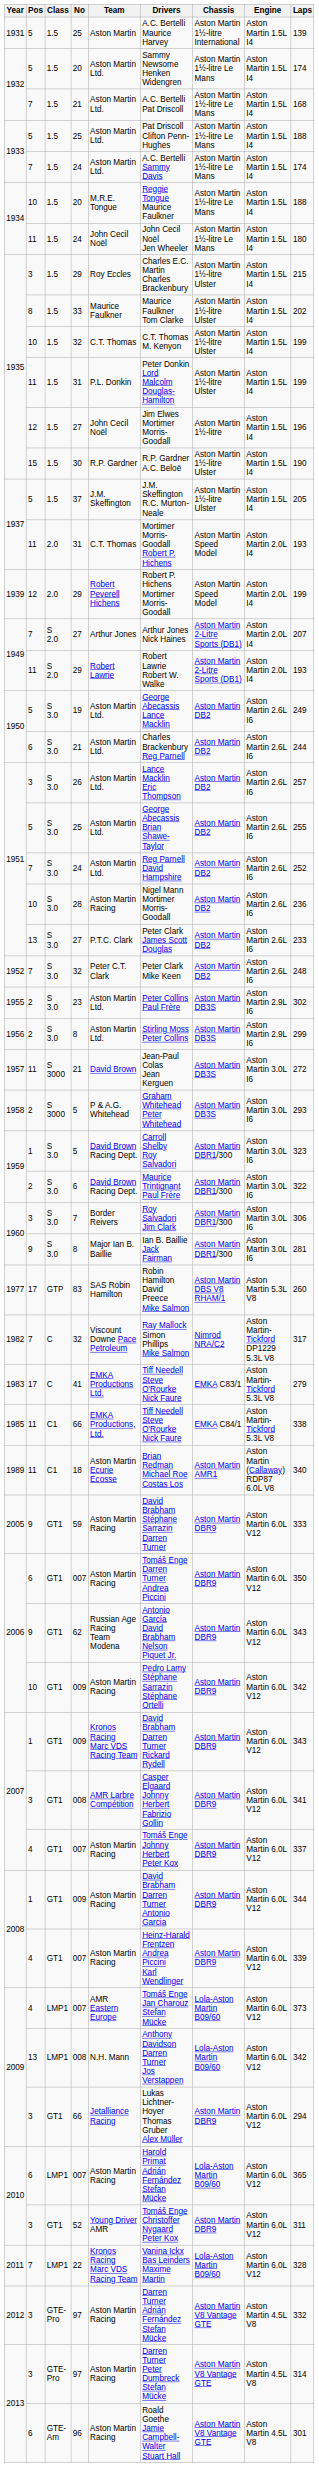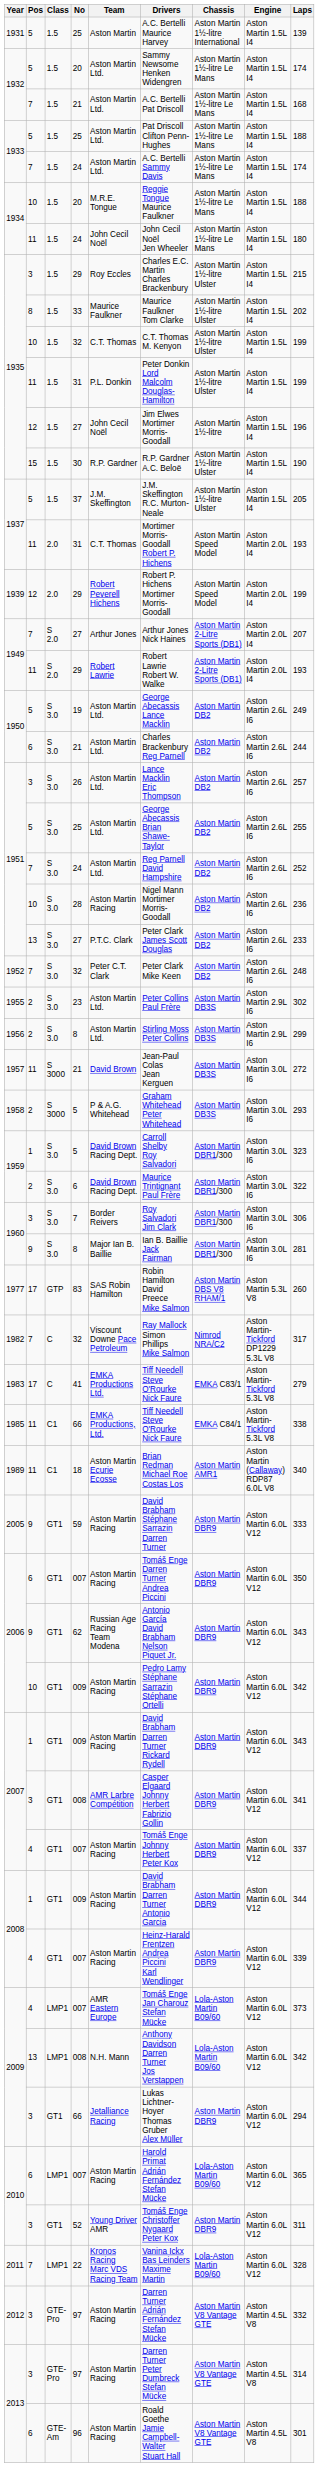 <table class="wikitable">
 <tr>
 <th>Year</th>
 <th>Pos</th>
 <th>Class</th>
 <th>No</th>
 <th>Team</th>
 <th>Drivers</th>
 <th>Chassis</th>
 <th>Engine</th>
 <th>Laps</th>
 </tr>
 <tr>
 <td>1931</td>
 <td>5</td>
 <td>1.5</td>
 <td>25</td>
 <td> Aston Martin</td>
 <td> A.C. Bertelli<br> Maurice Harvey</td>
 <td>Aston Martin 1½-litre International</td>
 <td>Aston Martin 1.5L I4</td>
 <td>139</td>
 </tr>
 <tr>
 <td rowspan="2">1932</td>
 <td>5</td>
 <td>1.5</td>
 <td>20</td>
 <td> Aston Martin Ltd.</td>
 <td> Sammy Newsome<br> Henken Widengren</td>
 <td>Aston Martin 1½-litre Le Mans</td>
 <td>Aston Martin 1.5L I4</td>
 <td>174</td>
 </tr>
 <tr>
 <td>7</td>
 <td>1.5</td>
 <td>21</td>
 <td> Aston Martin Ltd.</td>
 <td> A.C. Bertelli<br> Pat Driscoll</td>
 <td>Aston Martin 1½-litre Le Mans</td>
 <td>Aston Martin 1.5L I4</td>
 <td>168</td>
 </tr>
 <tr>
 <td rowspan="2">1933</td>
 <td>5</td>
 <td>1.5</td>
 <td>25</td>
 <td> Aston Martin Ltd.</td>
 <td> Pat Driscoll<br> Clifton Penn-Hughes</td>
 <td>Aston Martin 1½-litre Le Mans</td>
 <td>Aston Martin 1.5L I4</td>
 <td>188</td>
 </tr>
 <tr>
 <td>7</td>
 <td>1.5</td>
 <td>24</td>
 <td> Aston Martin Ltd.</td>
 <td> A.C. Bertelli<br> <a href='#'>Sammy Davis</a></td>
 <td>Aston Martin 1½-litre Le Mans</td>
 <td>Aston Martin 1.5L I4</td>
 <td>174</td>
 </tr>
 <tr>
 <td rowspan="2">1934</td>
 <td>10</td>
 <td>1.5</td>
 <td>20</td>
 <td> M.R.E. Tongue</td>
 <td> <a href='#'>Reggie Tongue</a><br> Maurice Faulkner</td>
 <td>Aston Martin 1½-litre Le Mans</td>
 <td>Aston Martin 1.5L I4</td>
 <td>188</td>
 </tr>
 <tr>
 <td>11</td>
 <td>1.5</td>
 <td>24</td>
 <td> John Cecil Noël</td>
 <td> John Cecil Noël<br> Jen Wheeler</td>
 <td>Aston Martin 1½-litre Le Mans</td>
 <td>Aston Martin 1.5L I4</td>
 <td>180</td>
 </tr>
 <tr>
 <td rowspan="6">1935</td>
 <td>3</td>
 <td>1.5</td>
 <td>29</td>
 <td> Roy Eccles</td>
 <td> Charles E.C. Martin<br> Charles Brackenbury</td>
 <td>Aston Martin 1½-litre Ulster</td>
 <td>Aston Martin 1.5L I4</td>
 <td>215</td>
 </tr>
 <tr>
 <td>8</td>
 <td>1.5</td>
 <td>33</td>
 <td> Maurice Faulkner</td>
 <td> Maurice Faulkner<br> Tom Clarke</td>
 <td>Aston Martin 1½-litre Ulster</td>
 <td>Aston Martin 1.5L I4</td>
 <td>202</td>
 </tr>
 <tr>
 <td>10</td>
 <td>1.5</td>
 <td>32</td>
 <td> C.T. Thomas</td>
 <td> C.T. Thomas<br> M. Kenyon</td>
 <td>Aston Martin 1½-litre Ulster</td>
 <td>Aston Martin 1.5L I4</td>
 <td>199</td>
 </tr>
 <tr>
 <td>11</td>
 <td>1.5</td>
 <td>31</td>
 <td> P.L. Donkin</td>
 <td> Peter Donkin<br> <a href='#'>Lord Malcolm Douglas-Hamilton</a></td>
 <td>Aston Martin 1½-litre Ulster</td>
 <td>Aston Martin 1.5L I4</td>
 <td>199</td>
 </tr>
 <tr>
 <td>12</td>
 <td>1.5</td>
 <td>27</td>
 <td> John Cecil Noël</td>
 <td> Jim Elwes<br> Mortimer Morris-Goodall</td>
 <td>Aston Martin 1½-litre</td>
 <td>Aston Martin 1.5L I4</td>
 <td>196</td>
 </tr>
 <tr>
 <td>15</td>
 <td>1.5</td>
 <td>30</td>
 <td> R.P. Gardner</td>
 <td> R.P. Gardner<br> A.C. Beloë</td>
 <td>Aston Martin 1½-litre Ulster</td>
 <td>Aston Martin 1.5L I4</td>
 <td>190</td>
 </tr>
 <tr>
 <td rowspan="2">1937</td>
 <td>5</td>
 <td>1.5</td>
 <td>37</td>
 <td> J.M. Skeffington</td>
 <td> J.M. Skeffington<br> R.C. Murton-Neale</td>
 <td>Aston Martin 1½-litre Ulster</td>
 <td>Aston Martin 1.5L I4</td>
 <td>205</td>
 </tr>
 <tr>
 <td>11</td>
 <td>2.0</td>
 <td>31</td>
 <td> C.T. Thomas</td>
 <td> Mortimer Morris-Goodall<br> <a href='#'>Robert P. Hichens</a></td>
 <td>Aston Martin Speed Model</td>
 <td>Aston Martin 2.0L I4</td>
 <td>193</td>
 </tr>
 <tr>
 <td>1939</td>
 <td>12</td>
 <td>2.0</td>
 <td>29</td>
 <td> <a href='#'>Robert Peverell Hichens</a></td>
 <td> Robert P. Hichens<br> Mortimer Morris-Goodall</td>
 <td>Aston Martin Speed Model</td>
 <td>Aston Martin 2.0L I4</td>
 <td>199</td>
 </tr>
 <tr>
 <td rowspan="2">1949</td>
 <td>7</td>
 <td>S<br>2.0</td>
 <td>27</td>
 <td> Arthur Jones</td>
 <td> Arthur Jones<br> Nick Haines</td>
 <td><a href='#'>Aston Martin 2-Litre Sports (DB1)</a></td>
 <td>Aston Martin 2.0L I4</td>
 <td>207</td>
 </tr>
 <tr>
 <td>11</td>
 <td>S<br>2.0</td>
 <td>29</td>
 <td> <a href='#'>Robert Lawrie</a></td>
 <td> Robert Lawrie<br> Robert W. Walke</td>
 <td><a href='#'>Aston Martin 2-Litre Sports (DB1)</a></td>
 <td>Aston Martin 2.0L I4</td>
 <td>193</td>
 </tr>
 <tr>
 <td rowspan="2">1950</td>
 <td>5</td>
 <td>S<br>3.0</td>
 <td>19</td>
 <td> Aston Martin Ltd.</td>
 <td> <a href='#'>George Abecassis</a><br> <a href='#'>Lance Macklin</a></td>
 <td><a href='#'>Aston Martin DB2</a></td>
 <td>Aston Martin 2.6L I6</td>
 <td>249</td>
 </tr>
 <tr>
 <td>6</td>
 <td>S<br>3.0</td>
 <td>21</td>
 <td> Aston Martin Ltd.</td>
 <td> Charles Brackenbury<br> <a href='#'>Reg Parnell</a></td>
 <td><a href='#'>Aston Martin DB2</a></td>
 <td>Aston Martin 2.6L I6</td>
 <td>244</td>
 </tr>
 <tr>
 <td rowspan="5">1951</td>
 <td>3</td>
 <td>S<br>3.0</td>
 <td>26</td>
 <td> Aston Martin Ltd.</td>
 <td> <a href='#'>Lance Macklin</a><br> <a href='#'>Eric Thompson</a></td>
 <td><a href='#'>Aston Martin DB2</a></td>
 <td>Aston Martin 2.6L I6</td>
 <td>257</td>
 </tr>
 <tr>
 <td>5</td>
 <td>S<br>3.0</td>
 <td>25</td>
 <td> Aston Martin Ltd.</td>
 <td> <a href='#'>George Abecassis</a><br> <a href='#'>Brian Shawe-Taylor</a></td>
 <td><a href='#'>Aston Martin DB2</a></td>
 <td>Aston Martin 2.6L I6</td>
 <td>255</td>
 </tr>
 <tr>
 <td>7</td>
 <td>S<br>3.0</td>
 <td>24</td>
 <td> Aston Martin Ltd.</td>
 <td> <a href='#'>Reg Parnell</a><br> <a href='#'>David Hampshire</a></td>
 <td><a href='#'>Aston Martin DB2</a></td>
 <td>Aston Martin 2.6L I6</td>
 <td>252</td>
 </tr>
 <tr>
 <td>10</td>
 <td>S<br>3.0</td>
 <td>28</td>
 <td> Aston Martin Racing</td>
 <td> Nigel Mann<br> Mortimer Morris-Goodall</td>
 <td><a href='#'>Aston Martin DB2</a></td>
 <td>Aston Martin 2.6L I6</td>
 <td>236</td>
 </tr>
 <tr>
 <td>13</td>
 <td>S<br>3.0</td>
 <td>27</td>
 <td> P.T.C. Clark</td>
 <td> Peter Clark<br> <a href='#'>James Scott Douglas</a></td>
 <td><a href='#'>Aston Martin DB2</a></td>
 <td>Aston Martin 2.6L I6</td>
 <td>233</td>
 </tr>
 <tr>
 <td>1952</td>
 <td>7</td>
 <td>S<br>3.0</td>
 <td>32</td>
 <td> Peter C.T. Clark</td>
 <td> Peter Clark<br> Mike Keen</td>
 <td><a href='#'>Aston Martin DB2</a></td>
 <td>Aston Martin 2.6L I6</td>
 <td>248</td>
 </tr>
 <tr>
 <td>1955</td>
 <td>2</td>
 <td>S<br>3.0</td>
 <td>23</td>
 <td> Aston Martin Ltd.</td>
 <td> <a href='#'>Peter Collins</a><br> <a href='#'>Paul Frère</a></td>
 <td><a href='#'>Aston Martin DB3S</a></td>
 <td>Aston Martin 2.9L I6</td>
 <td>302</td>
 </tr>
 <tr>
 <td>1956</td>
 <td>2</td>
 <td>S<br>3.0</td>
 <td>8</td>
 <td> Aston Martin Ltd.</td>
 <td> <a href='#'>Stirling Moss</a><br> <a href='#'>Peter Collins</a></td>
 <td><a href='#'>Aston Martin DB3S</a></td>
 <td>Aston Martin 2.9L I6</td>
 <td>299</td>
 </tr>
 <tr>
 <td>1957</td>
 <td>11</td>
 <td>S<br>3000</td>
 <td>21</td>
 <td> <a href='#'>David Brown</a></td>
 <td> Jean-Paul Colas<br> Jean Kerguen</td>
 <td><a href='#'>Aston Martin DB3S</a></td>
 <td>Aston Martin 3.0L I6</td>
 <td>272</td>
 </tr>
 <tr>
 <td>1958</td>
 <td>2</td>
 <td>S<br>3000</td>
 <td>5</td>
 <td> P & A.G. Whitehead</td>
 <td> <a href='#'>Graham Whitehead</a><br> <a href='#'>Peter Whitehead</a></td>
 <td><a href='#'>Aston Martin DB3S</a></td>
 <td>Aston Martin 3.0L I6</td>
 <td>293</td>
 </tr>
 <tr>
 <td rowspan="2">1959</td>
 <td>1</td>
 <td>S<br>3.0</td>
 <td>5</td>
 <td> <a href='#'>David Brown</a> Racing Dept.</td>
 <td> <a href='#'>Carroll Shelby</a><br> <a href='#'>Roy Salvadori</a></td>
 <td><a href='#'>Aston Martin DBR1</a>/300</td>
 <td>Aston Martin 3.0L I6</td>
 <td>323</td>
 </tr>
 <tr>
 <td>2</td>
 <td>S<br>3.0</td>
 <td>6</td>
 <td> <a href='#'>David Brown</a> Racing Dept.</td>
 <td> <a href='#'>Maurice Trintignant</a><br> <a href='#'>Paul Frère</a></td>
 <td><a href='#'>Aston Martin DBR1</a>/300</td>
 <td>Aston Martin 3.0L I6</td>
 <td>322</td>
 </tr>
 <tr>
 <td rowspan="2">1960</td>
 <td>3</td>
 <td>S<br>3.0</td>
 <td>7</td>
 <td> Border Reivers</td>
 <td> <a href='#'>Roy Salvadori</a><br> <a href='#'>Jim Clark</a></td>
 <td><a href='#'>Aston Martin DBR1</a>/300</td>
 <td>Aston Martin 3.0L I6</td>
 <td>306</td>
 </tr>
 <tr>
 <td>9</td>
 <td>S<br>3.0</td>
 <td>8</td>
 <td> Major Ian B. Baillie</td>
 <td> Ian B. Baillie<br> <a href='#'>Jack Fairman</a></td>
 <td><a href='#'>Aston Martin DBR1</a>/300</td>
 <td>Aston Martin 3.0L I6</td>
 <td>281</td>
 </tr>
 <tr>
 <td>1977</td>
 <td>17</td>
 <td>GTP</td>
 <td>83</td>
 <td> SAS Robin Hamilton</td>
 <td> Robin Hamilton<br> David Preece<br>  <a href='#'>Mike Salmon</a></td>
 <td><a href='#'>Aston Martin DBS V8 RHAM/1</a></td>
 <td>Aston Martin 5.3L V8</td>
 <td>260</td>
 </tr>
 <tr>
 <td>1982</td>
 <td>7</td>
 <td>C</td>
 <td>32</td>
 <td> Viscount Downe <a href='#'>Pace Petroleum</a></td>
 <td> <a href='#'>Ray Mallock</a><br> Simon Phillips<br> <a href='#'>Mike Salmon</a></td>
 <td><a href='#'>Nimrod NRA/C2</a></td>
 <td>Aston Martin-<a href='#'>Tickford</a> DP1229 5.3L V8</td>
 <td>317</td>
 </tr>
 <tr>
 <td>1983</td>
 <td>17</td>
 <td>C</td>
 <td>41</td>
 <td> <a href='#'>EMKA Productions Ltd.</a></td>
 <td> <a href='#'>Tiff Needell</a><br> <a href='#'>Steve O'Rourke</a><br>  <a href='#'>Nick Faure</a></td>
 <td><a href='#'>EMKA</a> C83/1</td>
 <td>Aston Martin-<a href='#'>Tickford</a> 5.3L V8</td>
 <td>279</td>
 </tr>
 <tr>
 <td>1985</td>
 <td>11</td>
 <td>C1</td>
 <td>66</td>
 <td> <a href='#'>EMKA Productions, Ltd.</a></td>
 <td> <a href='#'>Tiff Needell</a><br> <a href='#'>Steve O'Rourke</a><br>  <a href='#'>Nick Faure</a></td>
 <td><a href='#'>EMKA</a> C84/1</td>
 <td>Aston Martin-<a href='#'>Tickford</a> 5.3L V8</td>
 <td>338</td>
 </tr>
 <tr>
 <td>1989</td>
 <td>11</td>
 <td>C1</td>
 <td>18</td>
 <td> Aston Martin<br> <a href='#'>Ecurie Ecosse</a></td>
 <td> <a href='#'>Brian Redman</a><br> <a href='#'>Michael Roe</a><br> <a href='#'>Costas Los</a></td>
 <td><a href='#'>Aston Martin AMR1</a></td>
 <td>Aston Martin (<a href='#'>Callaway</a>) RDP87 6.0L V8</td>
 <td>340</td>
 </tr>
 <tr>
 <td>2005</td>
 <td>9</td>
 <td>GT1</td>
 <td>59</td>
 <td> Aston Martin Racing</td>
 <td> <a href='#'>David Brabham</a><br> <a href='#'>Stéphane Sarrazin</a><br> <a href='#'>Darren Turner</a></td>
 <td><a href='#'>Aston Martin DBR9</a></td>
 <td>Aston Martin 6.0L V12</td>
 <td>333</td>
 </tr>
 <tr>
 <td rowspan="3">2006</td>
 <td>6</td>
 <td>GT1</td>
 <td>007</td>
 <td> Aston Martin Racing</td>
 <td> <a href='#'>Tomáš Enge</a><br> <a href='#'>Darren Turner</a><br> <a href='#'>Andrea Piccini</a></td>
 <td><a href='#'>Aston Martin DBR9</a></td>
 <td>Aston Martin 6.0L V12</td>
 <td>350</td>
 </tr>
 <tr>
 <td>9</td>
 <td>GT1</td>
 <td>62</td>
 <td> Russian Age Racing<br> Team Modena</td>
 <td> <a href='#'>Antonio García</a><br> <a href='#'>David Brabham</a><br> <a href='#'>Nelson Piquet Jr.</a></td>
 <td><a href='#'>Aston Martin DBR9</a></td>
 <td>Aston Martin 6.0L V12</td>
 <td>343</td>
 </tr>
 <tr>
 <td>10</td>
 <td>GT1</td>
 <td>009</td>
 <td> Aston Martin Racing</td>
 <td> <a href='#'>Pedro Lamy</a><br> <a href='#'>Stéphane Sarrazin</a><br> <a href='#'>Stéphane Ortelli</a></td>
 <td><a href='#'>Aston Martin DBR9</a></td>
 <td>Aston Martin 6.0L V12</td>
 <td>342</td>
 </tr>
 <tr>
 <td rowspan="3">2007</td>
 <td>1</td>
 <td>GT1</td>
 <td>009</td>
-<td> <a href='#'>Kronos Racing</a><br> <a href='#'>Marc VDS Racing Team</a></td>
+<td> Aston Martin Racing</td>
 <td> <a href='#'>David Brabham</a><br><a href='#'>Darren Turner</a><br> <a href='#'>Rickard Rydell</a></td>
 <td><a href='#'>Aston Martin DBR9</a></td>
 <td>Aston Martin 6.0L V12</td>
 <td>343</td>
 </tr>
 <tr>
 <td>3</td>
 <td>GT1</td>
 <td>008</td>
 <td> <a href='#'>AMR Larbre Compétition</a></td>
 <td> <a href='#'>Casper Elgaard</a><br> <a href='#'>Johnny Herbert</a><br> <a href='#'>Fabrizio Gollin</a></td>
 <td><a href='#'>Aston Martin DBR9</a></td>
 <td>Aston Martin 6.0L V12</td>
 <td>341</td>
 </tr>
 <tr>
 <td>4</td>
 <td>GT1</td>
 <td>007</td>
 <td> Aston Martin Racing</td>
 <td> <a href='#'>Tomáš Enge</a><br> <a href='#'>Johnny Herbert</a><br> <a href='#'>Peter Kox</a></td>
 <td><a href='#'>Aston Martin DBR9</a></td>
 <td>Aston Martin 6.0L V12</td>
 <td>337</td>
 </tr>
 <tr>
 <td rowspan="2">2008</td>
 <td>1</td>
 <td>GT1</td>
 <td>009</td>
 <td> Aston Martin Racing</td>
 <td> <a href='#'>David Brabham</a><br><a href='#'>Darren Turner</a><br> <a href='#'>Antonio Garcia</a></td>
 <td><a href='#'>Aston Martin DBR9</a></td>
 <td>Aston Martin 6.0L V12</td>
 <td>344</td>
 </tr>
 <tr>
 <td>4</td>
 <td>GT1</td>
 <td>007</td>
 <td> Aston Martin Racing</td>
 <td> <a href='#'>Heinz-Harald Frentzen</a><br> <a href='#'>Andrea Piccini</a><br> <a href='#'>Karl Wendlinger</a></td>
 <td><a href='#'>Aston Martin DBR9</a></td>
 <td>Aston Martin 6.0L V12</td>
 <td>339</td>
 </tr>
 <tr>
 <td rowspan="3">2009</td>
 <td>4</td>
 <td>LMP1</td>
 <td>007</td>
 <td> AMR <a href='#'>Eastern Europe</a></td>
 <td> <a href='#'>Tomáš Enge</a><br><a href='#'>Jan Charouz</a><br> <a href='#'>Stefan Mücke</a></td>
 <td><a href='#'>Lola-Aston Martin B09/60</a></td>
 <td>Aston Martin 6.0L V12</td>
 <td>373</td>
 </tr>
 <tr>
 <td>13</td>
 <td>LMP1</td>
 <td>008</td>
 <td> N.H. Mann</td>
 <td> <a href='#'>Anthony Davidson</a><br><a href='#'>Darren Turner</a><br> <a href='#'>Jos Verstappen</a></td>
 <td><a href='#'>Lola-Aston Martin B09/60</a></td>
 <td>Aston Martin 6.0L V12</td>
 <td>342</td>
 </tr>
 <tr>
 <td>3</td>
 <td>GT1</td>
 <td>66</td>
 <td> <a href='#'>Jetalliance Racing</a></td>
 <td> Lukas Lichtner-Hoyer<br> Thomas Gruber<br> <a href='#'>Alex Müller</a></td>
 <td><a href='#'>Aston Martin DBR9</a></td>
 <td>Aston Martin 6.0L V12</td>
 <td>294</td>
 </tr>
 <tr>
 <td rowspan="2">2010</td>
 <td>6</td>
 <td>LMP1</td>
 <td>007</td>
 <td> Aston Martin Racing</td>
 <td> <a href='#'>Harold Primat</a><br><a href='#'>Adrián Fernández</a><br> <a href='#'>Stefan Mücke</a></td>
 <td><a href='#'>Lola-Aston Martin B09/60</a></td>
 <td>Aston Martin 6.0L V12</td>
 <td>365</td>
 </tr>
 <tr>
 <td>3</td>
 <td>GT1</td>
 <td>52</td>
 <td> <a href='#'>Young Driver</a> AMR</td>
 <td> <a href='#'>Tomáš Enge</a><br><a href='#'>Christoffer Nygaard</a><br> <a href='#'>Peter Kox</a></td>
 <td><a href='#'>Aston Martin DBR9</a></td>
 <td>Aston Martin 6.0L V12</td>
 <td>311</td>
 </tr>
 <tr>
 <td>2011</td>
 <td>7</td>
 <td>LMP1</td>
 <td>22</td>
 <td> <a href='#'>Kronos Racing</a><br> <a href='#'>Marc VDS Racing Team</a></td>
 <td> <a href='#'>Vanina Ickx</a><br><a href='#'>Bas Leinders</a><br> <a href='#'>Maxime Martin</a></td>
 <td><a href='#'>Lola-Aston Martin B09/60</a></td>
 <td>Aston Martin 6.0L V12</td>
 <td>328</td>
 </tr>
 <tr>
 <td>2012</td>
 <td>3</td>
 <td>GTE-Pro</td>
 <td>97</td>
 <td> Aston Martin Racing</td>
 <td> <a href='#'>Darren Turner</a><br><a href='#'>Adrián Fernández</a><br> <a href='#'>Stefan Mücke</a></td>
 <td><a href='#'>Aston Martin V8 Vantage GTE</a></td>
 <td>Aston Martin 4.5L V8</td>
 <td>332</td>
 </tr>
 <tr>
 <td rowspan="2">2013</td>
 <td>3</td>
 <td>GTE-Pro</td>
 <td>97</td>
 <td> Aston Martin Racing</td>
 <td> <a href='#'>Darren Turner</a><br><a href='#'>Peter Dumbreck</a><br> <a href='#'>Stefan Mücke</a></td>
 <td><a href='#'>Aston Martin V8 Vantage GTE</a></td>
 <td>Aston Martin 4.5L V8</td>
 <td>314</td>
 </tr>
 <tr>
 <td>6</td>
 <td>GTE-Am</td>
 <td>96</td>
 <td> Aston Martin Racing</td>
 <td> Roald Goethe<br><a href='#'>Jamie Campbell-Walter</a><br> <a href='#'>Stuart Hall</a></td>
 <td><a href='#'>Aston Martin V8 Vantage GTE</a></td>
 <td>Aston Martin 4.5L V8</td>
 <td>301</td>
 </tr>
 </table>
